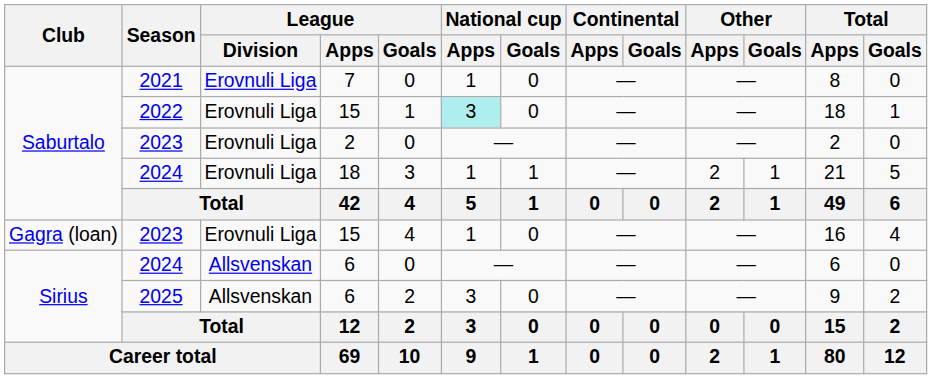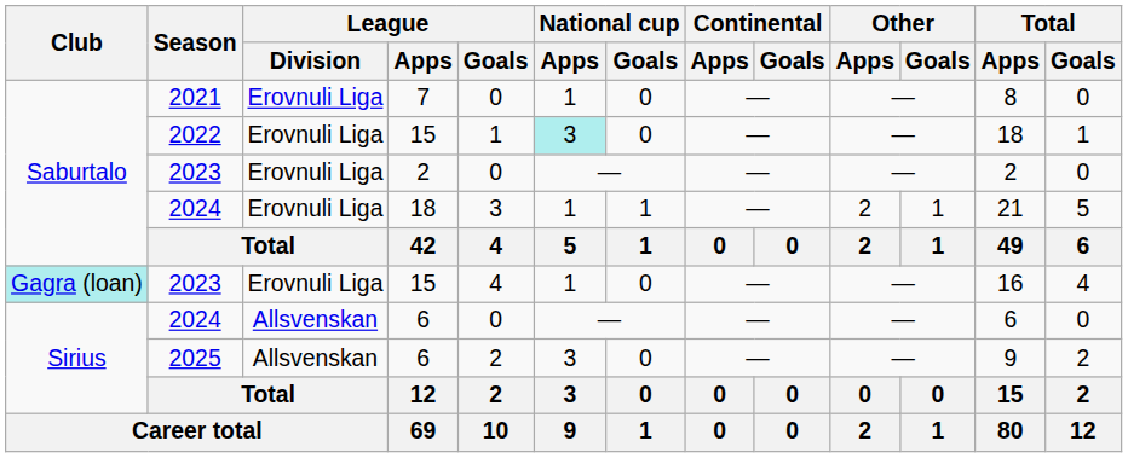 <table class="wikitable" style="text-align:center">
 <tr>
 <th rowspan="2">Club</th>
 <th rowspan="2">Season</th>
 <th colspan="3">League</th>
 <th colspan="2">National cup</th>
 <th colspan="2">Continental</th>
 <th colspan="2">Other</th>
 <th colspan="2">Total</th>
 </tr>
 <tr>
 <th>Division</th>
 <th>Apps</th>
 <th>Goals</th>
 <th>Apps</th>
 <th>Goals</th>
 <th>Apps</th>
 <th>Goals</th>
 <th>Apps</th>
 <th>Goals</th>
 <th>Apps</th>
 <th>Goals</th>
 </tr>
 <tr>
 <td rowspan="5"><a href='#'>Saburtalo</a></td>
 <td><a href='#'>2021</a></td>
 <td><a href='#'>Erovnuli Liga</a></td>
 <td>7</td>
 <td>0</td>
 <td>1</td>
 <td>0</td>
 <td colspan="2">—</td>
 <td colspan="2">—</td>
 <td>8</td>
 <td>0</td>
 </tr>
 <tr>
 <td><a href='#'>2022</a></td>
 <td>Erovnuli Liga</td>
 <td>15</td>
 <td>1</td>
 <td style="background: paleturquoise;">3</td>
 <td>0</td>
 <td colspan="2">—</td>
 <td colspan="2">—</td>
 <td>18</td>
 <td>1</td>
 </tr>
 <tr>
 <td><a href='#'>2023</a></td>
 <td>Erovnuli Liga</td>
 <td>2</td>
 <td>0</td>
 <td colspan="2">—</td>
 <td colspan="2">—</td>
 <td colspan="2">—</td>
 <td>2</td>
 <td>0</td>
 </tr>
 <tr>
 <td><a href='#'>2024</a></td>
 <td>Erovnuli Liga</td>
 <td>18</td>
 <td>3</td>
 <td>1</td>
 <td>1</td>
 <td colspan="2">—</td>
 <td>2</td>
 <td>1</td>
 <td>21</td>
 <td>5</td>
 </tr>
 <tr>
 <th colspan="2">Total</th>
 <th>42</th>
 <th>4</th>
 <th>5</th>
 <th>1</th>
 <th>0</th>
 <th>0</th>
 <th>2</th>
 <th>1</th>
 <th>49</th>
 <th>6</th>
 </tr>
 <tr>
-<td><a href='#'>Gagra</a> (loan)</td>
+<td style="background: paleturquoise;"><a href='#'>Gagra</a> (loan)</td>
 <td><a href='#'>2023</a></td>
 <td>Erovnuli Liga</td>
 <td>15</td>
 <td>4</td>
 <td>1</td>
 <td>0</td>
 <td colspan="2">—</td>
 <td colspan="2">—</td>
 <td>16</td>
 <td>4</td>
 </tr>
 <tr>
 <td rowspan="3"><a href='#'>Sirius</a></td>
 <td><a href='#'>2024</a></td>
 <td><a href='#'>Allsvenskan</a></td>
 <td>6</td>
 <td>0</td>
 <td colspan="2">—</td>
 <td colspan="2">—</td>
 <td colspan="2">—</td>
 <td>6</td>
 <td>0</td>
 </tr>
 <tr>
 <td><a href='#'>2025</a></td>
 <td>Allsvenskan</td>
 <td>6</td>
 <td>2</td>
 <td>3</td>
 <td>0</td>
 <td colspan="2">—</td>
 <td colspan="2">—</td>
 <td>9</td>
 <td>2</td>
 </tr>
 <tr>
 <th colspan="2">Total</th>
 <th>12</th>
 <th>2</th>
 <th>3</th>
 <th>0</th>
 <th>0</th>
 <th>0</th>
 <th>0</th>
 <th>0</th>
 <th>15</th>
 <th>2</th>
 </tr>
 <tr>
 <th colspan="3">Career total</th>
 <th>69</th>
 <th>10</th>
 <th>9</th>
 <th>1</th>
 <th>0</th>
 <th>0</th>
 <th>2</th>
 <th>1</th>
 <th>80</th>
 <th>12</th>
 </tr>
 </table>
